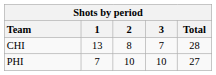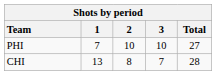 <table class="wikitable" style="width:20em; text-align:right;">
 <tr>
 <th colspan=5>Shots by period</th>
 </tr>
 <tr>
 <th style="width:8em; text-align:left;">Team</th>
 <th style="width:3em;">1</th>
 <th style="width:3em;">2</th>
 <th style="width:3em;">3</th>
 <th style="width:3em;">Total</th>
 </tr>
 <tr style="text-align:center;">
+<td style="text-align:left;">PHI</td>
+<td>7</td>
+<td>10</td>
+<td>10</td>
+<td>27</td>
+</tr>
+<tr style="text-align:center;">
 <td style="text-align:left;">CHI</td>
 <td>13</td>
 <td>8</td>
 <td>7</td>
 <td>28</td>
 </tr>
-<tr style="text-align:center;">
-<td style="text-align:left;">PHI</td>
-<td>7</td>
-<td>10</td>
-<td>10</td>
-<td>27</td>
-</tr>
 </table>
